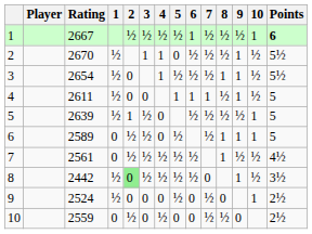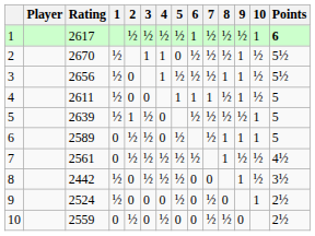 <table class=wikitable>
 <tr>
 <th></th>
 <th>Player</th>
 <th>Rating</th>
 <th>1</th>
 <th>2</th>
 <th>3</th>
 <th>4</th>
 <th>5</th>
 <th>6</th>
 <th>7</th>
 <th>8</th>
 <th>9</th>
 <th>10</th>
 <th>Points</th>
 </tr>
 <tr style="background:#ccffcc">
 <td>1</td>
 <td><strong></strong></td>
-<td>2667</td>
+<td>2617</td>
 <td></td>
 <td>½</td>
 <td>½</td>
 <td>½</td>
 <td>½</td>
 <td>1</td>
 <td>½</td>
 <td>½</td>
 <td>½</td>
 <td>1</td>
 <td><strong>6</strong></td>
 </tr>
 <tr>
 <td>2</td>
 <td></td>
 <td>2670</td>
 <td>½</td>
 <td></td>
 <td>1</td>
 <td>1</td>
 <td>0</td>
 <td>½</td>
 <td>½</td>
 <td>½</td>
 <td>1</td>
 <td>½</td>
 <td>5½</td>
 </tr>
 <tr>
 <td>3</td>
 <td></td>
-<td>2654</td>
+<td>2656</td>
 <td>½</td>
 <td>0</td>
 <td></td>
 <td>1</td>
 <td>½</td>
 <td>½</td>
 <td>½</td>
 <td>1</td>
 <td>1</td>
 <td>½</td>
 <td>5½</td>
 </tr>
 <tr>
 <td>4</td>
 <td></td>
 <td>2611</td>
 <td>½</td>
 <td>0</td>
 <td>0</td>
 <td></td>
 <td>1</td>
 <td>1</td>
 <td>1</td>
 <td>½</td>
 <td>1</td>
 <td>½</td>
 <td>5</td>
 </tr>
 <tr>
 <td>5</td>
 <td></td>
 <td>2639</td>
 <td>½</td>
 <td>1</td>
 <td>½</td>
 <td>0</td>
 <td></td>
 <td>½</td>
 <td>½</td>
 <td>½</td>
 <td>½</td>
 <td>1</td>
 <td>5</td>
 </tr>
 <tr>
 <td>6</td>
 <td></td>
 <td>2589</td>
 <td>0</td>
 <td>½</td>
 <td>½</td>
 <td>0</td>
 <td>½</td>
 <td></td>
 <td>½</td>
 <td>1</td>
 <td>1</td>
 <td>1</td>
 <td>5</td>
 </tr>
 <tr>
 <td>7</td>
 <td></td>
 <td>2561</td>
 <td>0</td>
 <td>½</td>
 <td>½</td>
 <td>½</td>
 <td>½</td>
 <td>½</td>
 <td></td>
 <td>1</td>
 <td>½</td>
 <td>½</td>
 <td>4½</td>
 </tr>
 <tr>
 <td>8</td>
 <td></td>
 <td>2442</td>
 <td>½</td>
-<td style="background: lightgreen;">0</td>
+<td>0</td>
 <td>½</td>
 <td>½</td>
 <td>½</td>
-<td>½</td>
+<td>0</td>
 <td>0</td>
 <td></td>
 <td>1</td>
 <td>½</td>
 <td>3½</td>
 </tr>
 <tr>
 <td>9</td>
 <td></td>
 <td>2524</td>
 <td>½</td>
 <td>0</td>
 <td>0</td>
 <td>0</td>
 <td>½</td>
 <td>0</td>
 <td>½</td>
 <td>0</td>
 <td></td>
 <td>1</td>
 <td>2½</td>
 </tr>
 <tr>
 <td>10</td>
 <td></td>
 <td>2559</td>
 <td>0</td>
 <td>½</td>
 <td>0</td>
 <td>½</td>
 <td>0</td>
 <td>0</td>
 <td>½</td>
 <td>½</td>
 <td>0</td>
 <td></td>
 <td>2½</td>
 </tr>
 </table>
